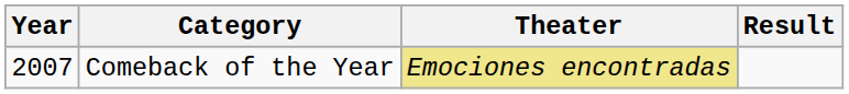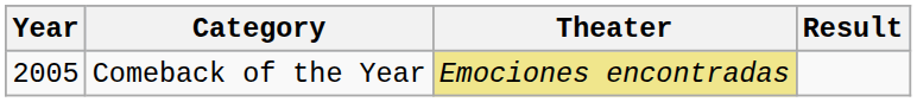 <table class="wikitable">
 <tr style="background:#b0c4de;">
 <th>Year</th>
 <th>Category</th>
 <th>Theater</th>
 <th>Result</th>
 </tr>
 <tr>
-<td>2007</td>
+<td>2005</td>
 <td>Comeback of the Year</td>
 <td style="background: khaki;"><em>Emociones encontradas</em></td>
 <td></td>
 </tr>
 </table>
